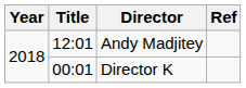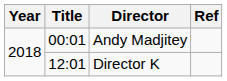 <table class="wikitable">
 <tr>
 <th>Year</th>
 <th>Title</th>
 <th>Director</th>
 <th>Ref</th>
 </tr>
 <tr>
 <td rowspan="2">2018</td>
-<td>12:01</td>
+<td>00:01</td>
 <td>Andy Madjitey</td>
 <td></td>
 </tr>
 <tr>
-<td>00:01</td>
+<td>12:01</td>
 <td>Director K</td>
 <td></td>
 </tr>
 </table>
